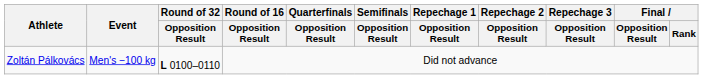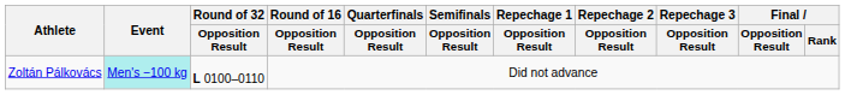 <table class="wikitable" style="font-size:90%">
 <tr>
 <th rowspan="2">Athlete</th>
 <th rowspan="2">Event</th>
 <th>Round of 32</th>
 <th>Round of 16</th>
 <th>Quarterfinals</th>
 <th>Semifinals</th>
 <th>Repechage 1</th>
 <th>Repechage 2</th>
 <th>Repechage 3</th>
 <th colspan=2>Final / </th>
 </tr>
 <tr style="font-size:95%">
 <th>Opposition<br>Result</th>
 <th>Opposition<br>Result</th>
 <th>Opposition<br>Result</th>
 <th>Opposition<br>Result</th>
 <th>Opposition<br>Result</th>
 <th>Opposition<br>Result</th>
 <th>Opposition<br>Result</th>
 <th>Opposition<br>Result</th>
 <th>Rank</th>
 </tr>
 <tr align=center>
 <td align=left><a href='#'>Zoltán Pálkovács</a></td>
-<td align=left><a href='#'>Men's −100 kg</a></td>
+<td align=left style="background: paleturquoise;"><a href='#'>Men's −100 kg</a></td>
 <td><br> <strong>L</strong> 0100–0110</td>
 <td colspan=8>Did not advance</td>
 </tr>
 </table>
